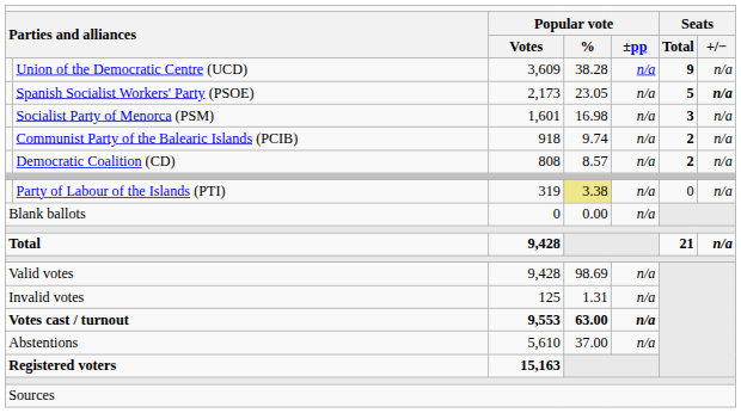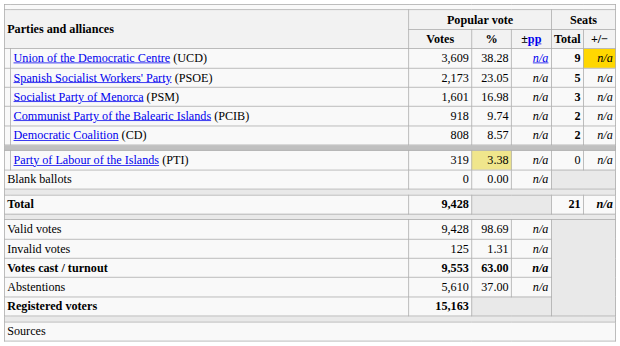 <table class="wikitable" style="text-align:right;">
 <tr>
 <td colspan="7"></td>
 </tr>
 <tr>
 <th style="text-align:left;" rowspan="2" colspan="2" width="525">Parties and alliances</th>
 <th colspan="3">Popular vote</th>
 <th colspan="2">Seats</th>
 </tr>
 <tr>
 <th width="75">Votes</th>
 <th width="45">%</th>
 <th width="45">±<a href='#'>pp</a></th>
 <th width="35">Total</th>
 <th width="35">+/−</th>
 </tr>
 <tr>
 <td width="1" style="color:inherit;background:"></td>
 <td align="left"><a href='#'>Union of the Democratic Centre</a> (UCD)</td>
 <td>3,609</td>
 <td>38.28</td>
 <td><em><a href='#'>n/a</a></em></td>
 <td><strong>9</strong></td>
-<td><em>n/a</em></td>
+<td style="background: gold;"><em>n/a</em></td>
 </tr>
 <tr>
 <td style="color:inherit;background:"></td>
 <td align="left"><a href='#'>Spanish Socialist Workers' Party</a> (PSOE)</td>
 <td>2,173</td>
 <td>23.05</td>
 <td><em>n/a</em></td>
 <td><strong>5</strong></td>
-<td><strong><em>n/a</em></strong></td>
+<td><em>n/a</em></td>
 </tr>
 <tr>
 <td style="color:inherit;background:"></td>
 <td align="left"><a href='#'>Socialist Party of Menorca</a> (PSM)</td>
 <td>1,601</td>
 <td>16.98</td>
 <td><em>n/a</em></td>
 <td><strong>3</strong></td>
 <td><em>n/a</em></td>
 </tr>
 <tr>
 <td style="color:inherit;background:"></td>
 <td align="left"><a href='#'>Communist Party of the Balearic Islands</a> (PCIB)</td>
 <td>918</td>
 <td>9.74</td>
 <td><em>n/a</em></td>
 <td><strong>2</strong></td>
 <td><em>n/a</em></td>
 </tr>
 <tr>
 <td style="color:inherit;background:"></td>
 <td align="left"><a href='#'>Democratic Coalition</a> (CD)</td>
 <td>808</td>
 <td>8.57</td>
 <td><em>n/a</em></td>
 <td><strong>2</strong></td>
 <td><em>n/a</em></td>
 </tr>
 <tr>
 <td colspan="7" bgcolor="#C0C0C0"></td>
 </tr>
 <tr>
 <td style="color:inherit;background:"></td>
 <td align="left"><a href='#'>Party of Labour of the Islands</a> (PTI)</td>
 <td>319</td>
 <td style="background: khaki;">3.38</td>
 <td><em>n/a</em></td>
 <td>0</td>
 <td><em>n/a</em></td>
 </tr>
 <tr>
 <td align="left" colspan="2">Blank ballots</td>
 <td>0</td>
 <td>0.00</td>
 <td><em>n/a</em></td>
 <td bgcolor="#E9E9E9" colspan="2"></td>
 </tr>
 <tr>
 <td colspan="7" bgcolor="#E9E9E9"></td>
 </tr>
 <tr style="font-weight:bold;">
 <td align="left" colspan="2">Total</td>
 <td>9,428</td>
 <td bgcolor="#E9E9E9" colspan="2"></td>
 <td>21</td>
 <td><em>n/a</em></td>
 </tr>
 <tr>
 <td colspan="7" bgcolor="#E9E9E9"></td>
 </tr>
 <tr>
 <td align="left" colspan="2">Valid votes</td>
 <td>9,428</td>
 <td>98.69</td>
 <td><em>n/a</em></td>
 <td bgcolor="#E9E9E9" colspan="2" rowspan="5"></td>
 </tr>
 <tr>
 <td align="left" colspan="2">Invalid votes</td>
 <td>125</td>
 <td>1.31</td>
 <td><em>n/a</em></td>
 </tr>
 <tr style="font-weight:bold;">
 <td align="left" colspan="2">Votes cast / turnout</td>
 <td>9,553</td>
 <td>63.00</td>
 <td><em>n/a</em></td>
 </tr>
 <tr>
 <td align="left" colspan="2">Abstentions</td>
 <td>5,610</td>
 <td>37.00</td>
 <td><em>n/a</em></td>
 </tr>
 <tr style="font-weight:bold;">
 <td align="left" colspan="2">Registered voters</td>
 <td>15,163</td>
 <td bgcolor="#E9E9E9" colspan="2"></td>
 </tr>
 <tr>
 <td colspan="7" bgcolor="#E9E9E9"></td>
 </tr>
 <tr>
 <td align="left" colspan="7">Sources</td>
 </tr>
 </table>
